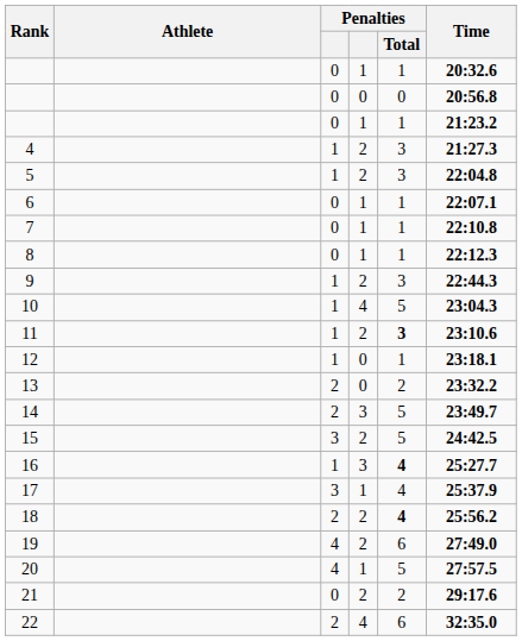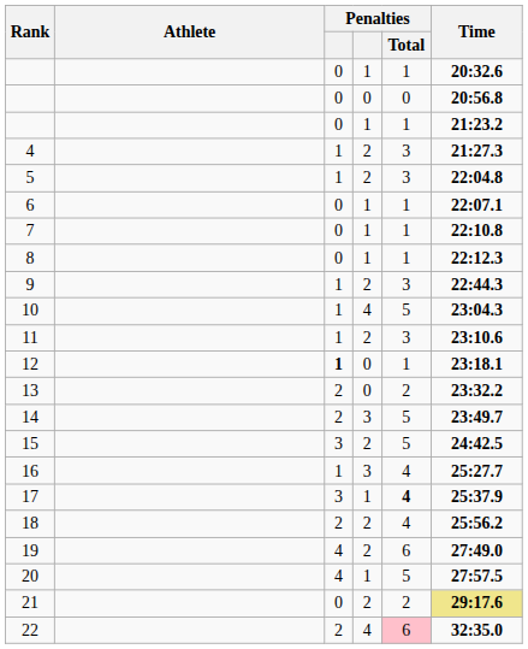 <table class=wikitable style="text-align:center">
 <tr>
 <th rowspan=2 width=40>Rank</th>
 <th rowspan=2 width=250>Athlete</th>
 <th colspan=3>Penalties</th>
 <th rowspan=2 width=80>Time</th>
 </tr>
 <tr>
 <th width=20></th>
 <th width=20></th>
 <th width=40>Total</th>
 </tr>
 <tr>
 <td></td>
 <td align=left></td>
 <td>0</td>
 <td>1</td>
 <td>1</td>
 <td><strong>20:32.6</strong></td>
 </tr>
 <tr>
 <td></td>
 <td align=left></td>
 <td>0</td>
 <td>0</td>
 <td>0</td>
 <td><strong>20:56.8</strong></td>
 </tr>
 <tr>
 <td></td>
 <td align=left></td>
 <td>0</td>
 <td>1</td>
 <td>1</td>
 <td><strong>21:23.2</strong></td>
 </tr>
 <tr>
 <td>4</td>
 <td align=left></td>
 <td>1</td>
 <td>2</td>
 <td>3</td>
 <td><strong>21:27.3</strong></td>
 </tr>
 <tr>
 <td>5</td>
 <td align=left></td>
 <td>1</td>
 <td>2</td>
 <td>3</td>
 <td><strong>22:04.8</strong></td>
 </tr>
 <tr>
 <td>6</td>
 <td align=left></td>
 <td>0</td>
 <td>1</td>
 <td>1</td>
 <td><strong>22:07.1</strong></td>
 </tr>
 <tr>
 <td>7</td>
 <td align=left></td>
 <td>0</td>
 <td>1</td>
 <td>1</td>
 <td><strong>22:10.8</strong></td>
 </tr>
 <tr>
 <td>8</td>
 <td align=left></td>
 <td>0</td>
 <td>1</td>
 <td>1</td>
 <td><strong>22:12.3</strong></td>
 </tr>
 <tr>
 <td>9</td>
 <td align=left></td>
 <td>1</td>
 <td>2</td>
 <td>3</td>
 <td><strong>22:44.3</strong></td>
 </tr>
 <tr>
 <td>10</td>
 <td align=left></td>
 <td>1</td>
 <td>4</td>
 <td>5</td>
 <td><strong>23:04.3</strong></td>
 </tr>
 <tr>
 <td>11</td>
 <td align=left></td>
 <td>1</td>
 <td>2</td>
-<td><strong>3</strong></td>
+<td>3</td>
 <td><strong>23:10.6</strong></td>
 </tr>
 <tr>
 <td>12</td>
 <td align=left></td>
-<td>1</td>
+<td><strong>1</strong></td>
 <td>0</td>
 <td>1</td>
 <td><strong>23:18.1</strong></td>
 </tr>
 <tr>
 <td>13</td>
 <td align=left></td>
 <td>2</td>
 <td>0</td>
 <td>2</td>
 <td><strong>23:32.2</strong></td>
 </tr>
 <tr>
 <td>14</td>
 <td align=left></td>
 <td>2</td>
 <td>3</td>
 <td>5</td>
 <td><strong>23:49.7</strong></td>
 </tr>
 <tr>
 <td>15</td>
 <td align=left></td>
 <td>3</td>
 <td>2</td>
 <td>5</td>
 <td><strong>24:42.5</strong></td>
 </tr>
 <tr>
 <td>16</td>
 <td align=left></td>
 <td>1</td>
 <td>3</td>
-<td><strong>4</strong></td>
+<td>4</td>
 <td><strong>25:27.7</strong></td>
 </tr>
 <tr>
 <td>17</td>
 <td align=left></td>
 <td>3</td>
 <td>1</td>
-<td>4</td>
+<td><strong>4</strong></td>
 <td><strong>25:37.9</strong></td>
 </tr>
 <tr>
 <td>18</td>
 <td align=left></td>
 <td>2</td>
 <td>2</td>
-<td><strong>4</strong></td>
+<td>4</td>
 <td><strong>25:56.2</strong></td>
 </tr>
 <tr>
 <td>19</td>
 <td align=left></td>
 <td>4</td>
 <td>2</td>
 <td>6</td>
 <td><strong>27:49.0</strong></td>
 </tr>
 <tr>
 <td>20</td>
 <td align=left></td>
 <td>4</td>
 <td>1</td>
 <td>5</td>
 <td><strong>27:57.5</strong></td>
 </tr>
 <tr>
 <td>21</td>
 <td align=left></td>
 <td>0</td>
 <td>2</td>
 <td>2</td>
-<td><strong>29:17.6</strong></td>
+<td style="background: khaki;"><strong>29:17.6</strong></td>
 </tr>
 <tr>
 <td>22</td>
 <td align=left></td>
 <td>2</td>
 <td>4</td>
-<td>6</td>
+<td style="background: pink;">6</td>
 <td><strong>32:35.0</strong></td>
 </tr>
 </table>
